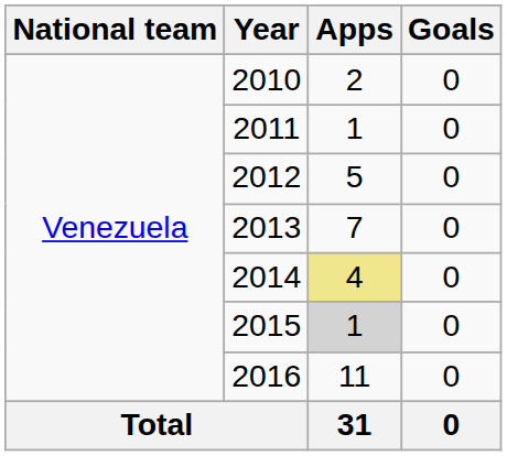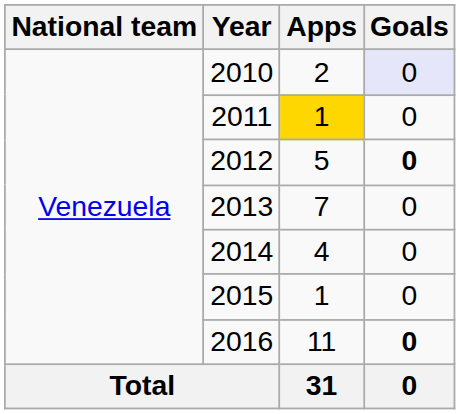 <table class="wikitable" style="text-align:center">
 <tr>
 <th>National team</th>
 <th>Year</th>
 <th>Apps</th>
 <th>Goals</th>
 </tr>
 <tr>
 <td rowspan="7"><a href='#'>Venezuela</a></td>
 <td>2010</td>
 <td>2</td>
-<td>0</td>
+<td style="background: lavender;">0</td>
 </tr>
 <tr>
 <td>2011</td>
-<td>1</td>
+<td style="background: gold;">1</td>
 <td>0</td>
 </tr>
 <tr>
 <td>2012</td>
 <td>5</td>
-<td>0</td>
+<td><strong>0</strong></td>
 </tr>
 <tr>
 <td>2013</td>
 <td>7</td>
 <td>0</td>
 </tr>
 <tr>
 <td>2014</td>
-<td style="background: khaki;">4</td>
+<td>4</td>
 <td>0</td>
 </tr>
 <tr>
 <td>2015</td>
-<td style="background: lightgrey;">1</td>
+<td>1</td>
 <td>0</td>
 </tr>
 <tr>
 <td>2016</td>
 <td>11</td>
-<td>0</td>
+<td><strong>0</strong></td>
 </tr>
 <tr>
 <th colspan="2">Total</th>
 <th>31</th>
 <th>0</th>
 </tr>
 </table>
